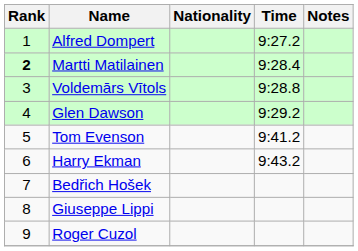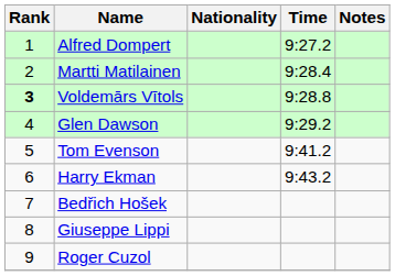 <table class="wikitable sortable" style="text-align:center">
 <tr>
 <th>Rank</th>
 <th>Name</th>
 <th>Nationality</th>
 <th>Time</th>
 <th>Notes</th>
 </tr>
 <tr bgcolor=ccffcc>
 <td>1</td>
 <td align=left><a href='#'>Alfred Dompert</a></td>
 <td align=left></td>
 <td>9:27.2</td>
 <td></td>
 </tr>
 <tr bgcolor=ccffcc>
-<td><strong>2</strong></td>
+<td>2</td>
 <td align=left><a href='#'>Martti Matilainen</a></td>
 <td align=left></td>
 <td>9:28.4</td>
 <td></td>
 </tr>
 <tr bgcolor=ccffcc>
-<td>3</td>
+<td><strong>3</strong></td>
 <td align=left><a href='#'>Voldemārs Vītols</a></td>
 <td align=left></td>
 <td>9:28.8</td>
 <td></td>
 </tr>
 <tr bgcolor=ccffcc>
 <td>4</td>
 <td align=left><a href='#'>Glen Dawson</a></td>
 <td align=left></td>
 <td>9:29.2</td>
 <td></td>
 </tr>
 <tr>
 <td>5</td>
 <td align=left><a href='#'>Tom Evenson</a></td>
 <td align=left></td>
 <td>9:41.2</td>
 <td></td>
 </tr>
 <tr>
 <td>6</td>
 <td align=left><a href='#'>Harry Ekman</a></td>
 <td align=left></td>
 <td>9:43.2</td>
 <td></td>
 </tr>
 <tr>
 <td>7</td>
 <td align=left><a href='#'>Bedřich Hošek</a></td>
 <td align=left></td>
 <td></td>
 <td></td>
 </tr>
 <tr>
 <td>8</td>
 <td align=left><a href='#'>Giuseppe Lippi</a></td>
 <td align=left></td>
 <td></td>
 <td></td>
 </tr>
 <tr>
 <td>9</td>
 <td align=left><a href='#'>Roger Cuzol</a></td>
 <td align=left></td>
 <td></td>
 <td></td>
 </tr>
 <tr>
 </tr>
 </table>
